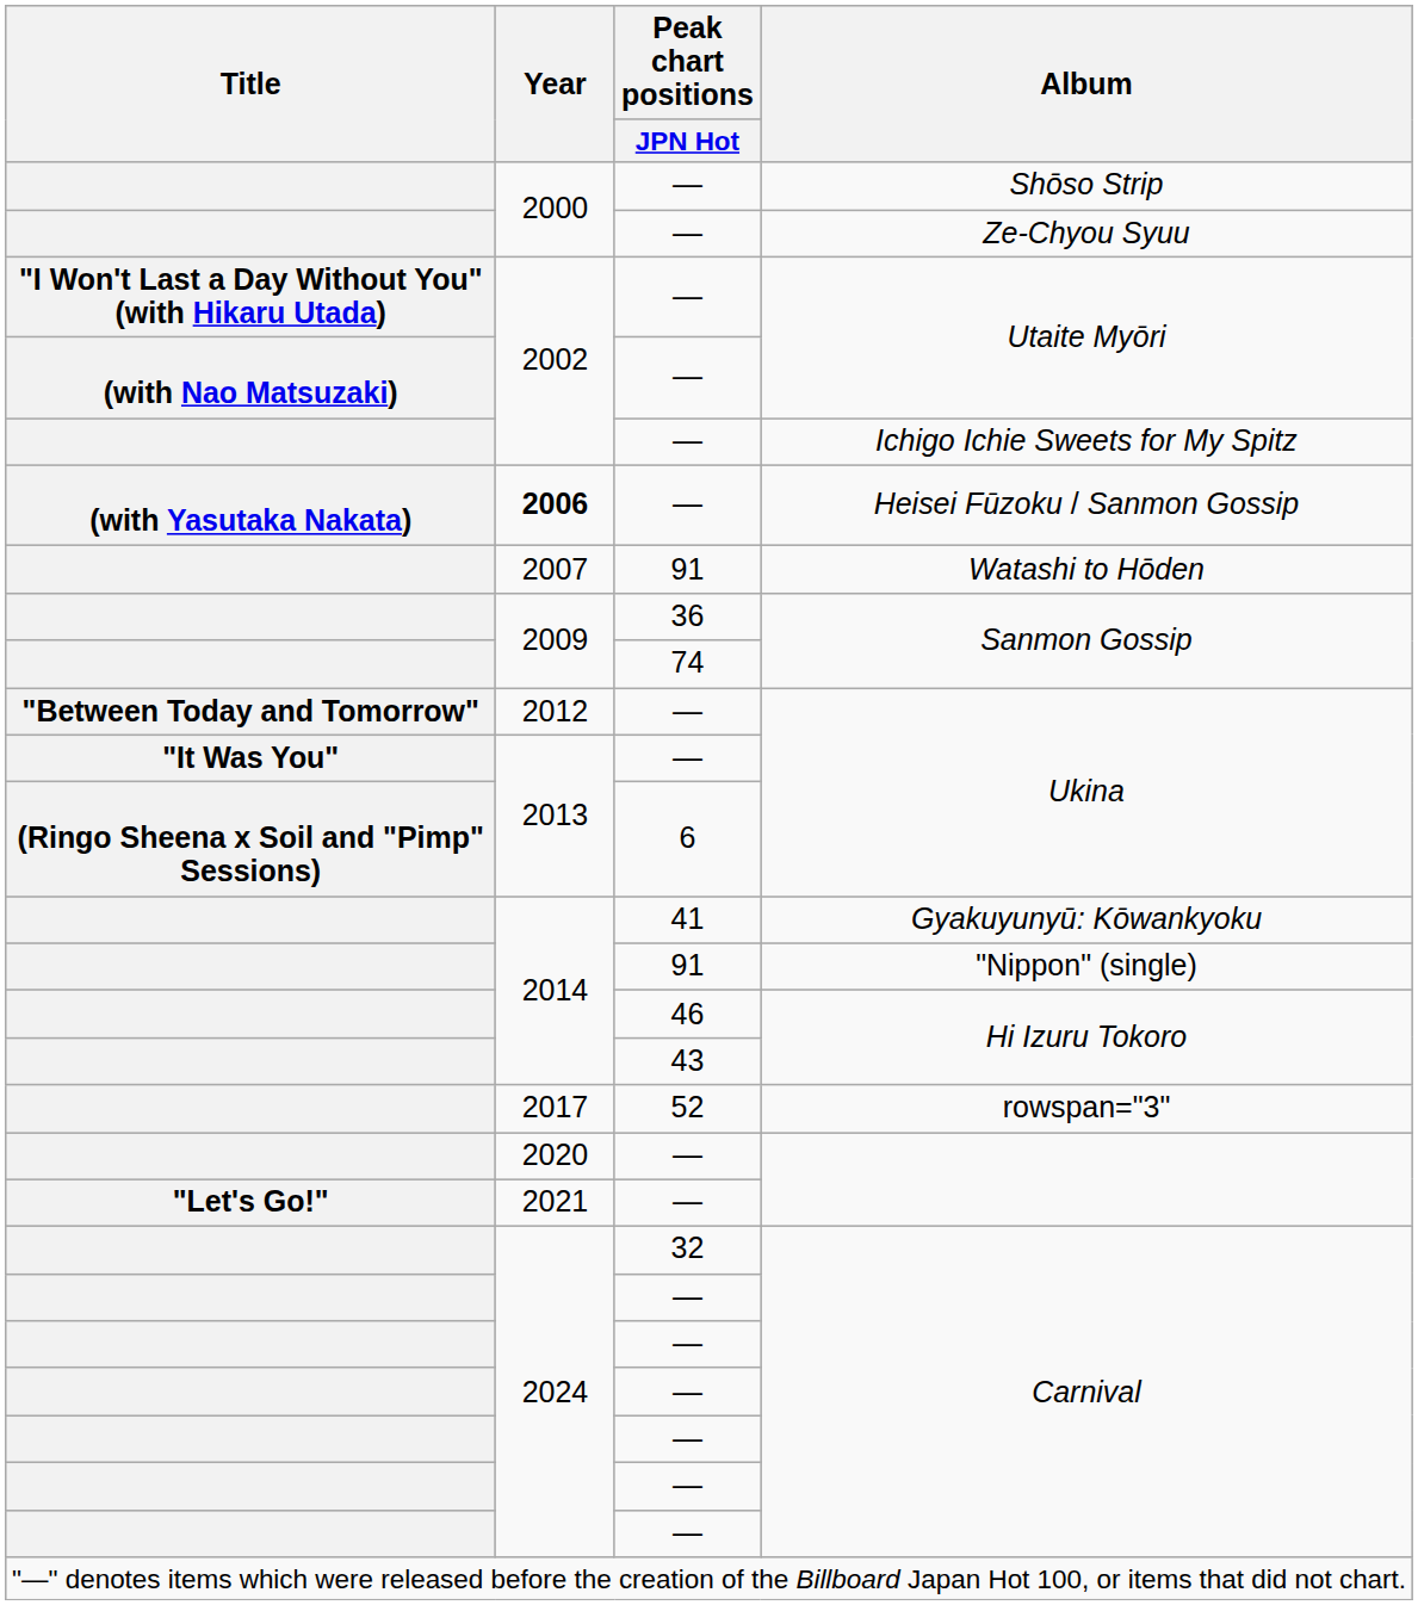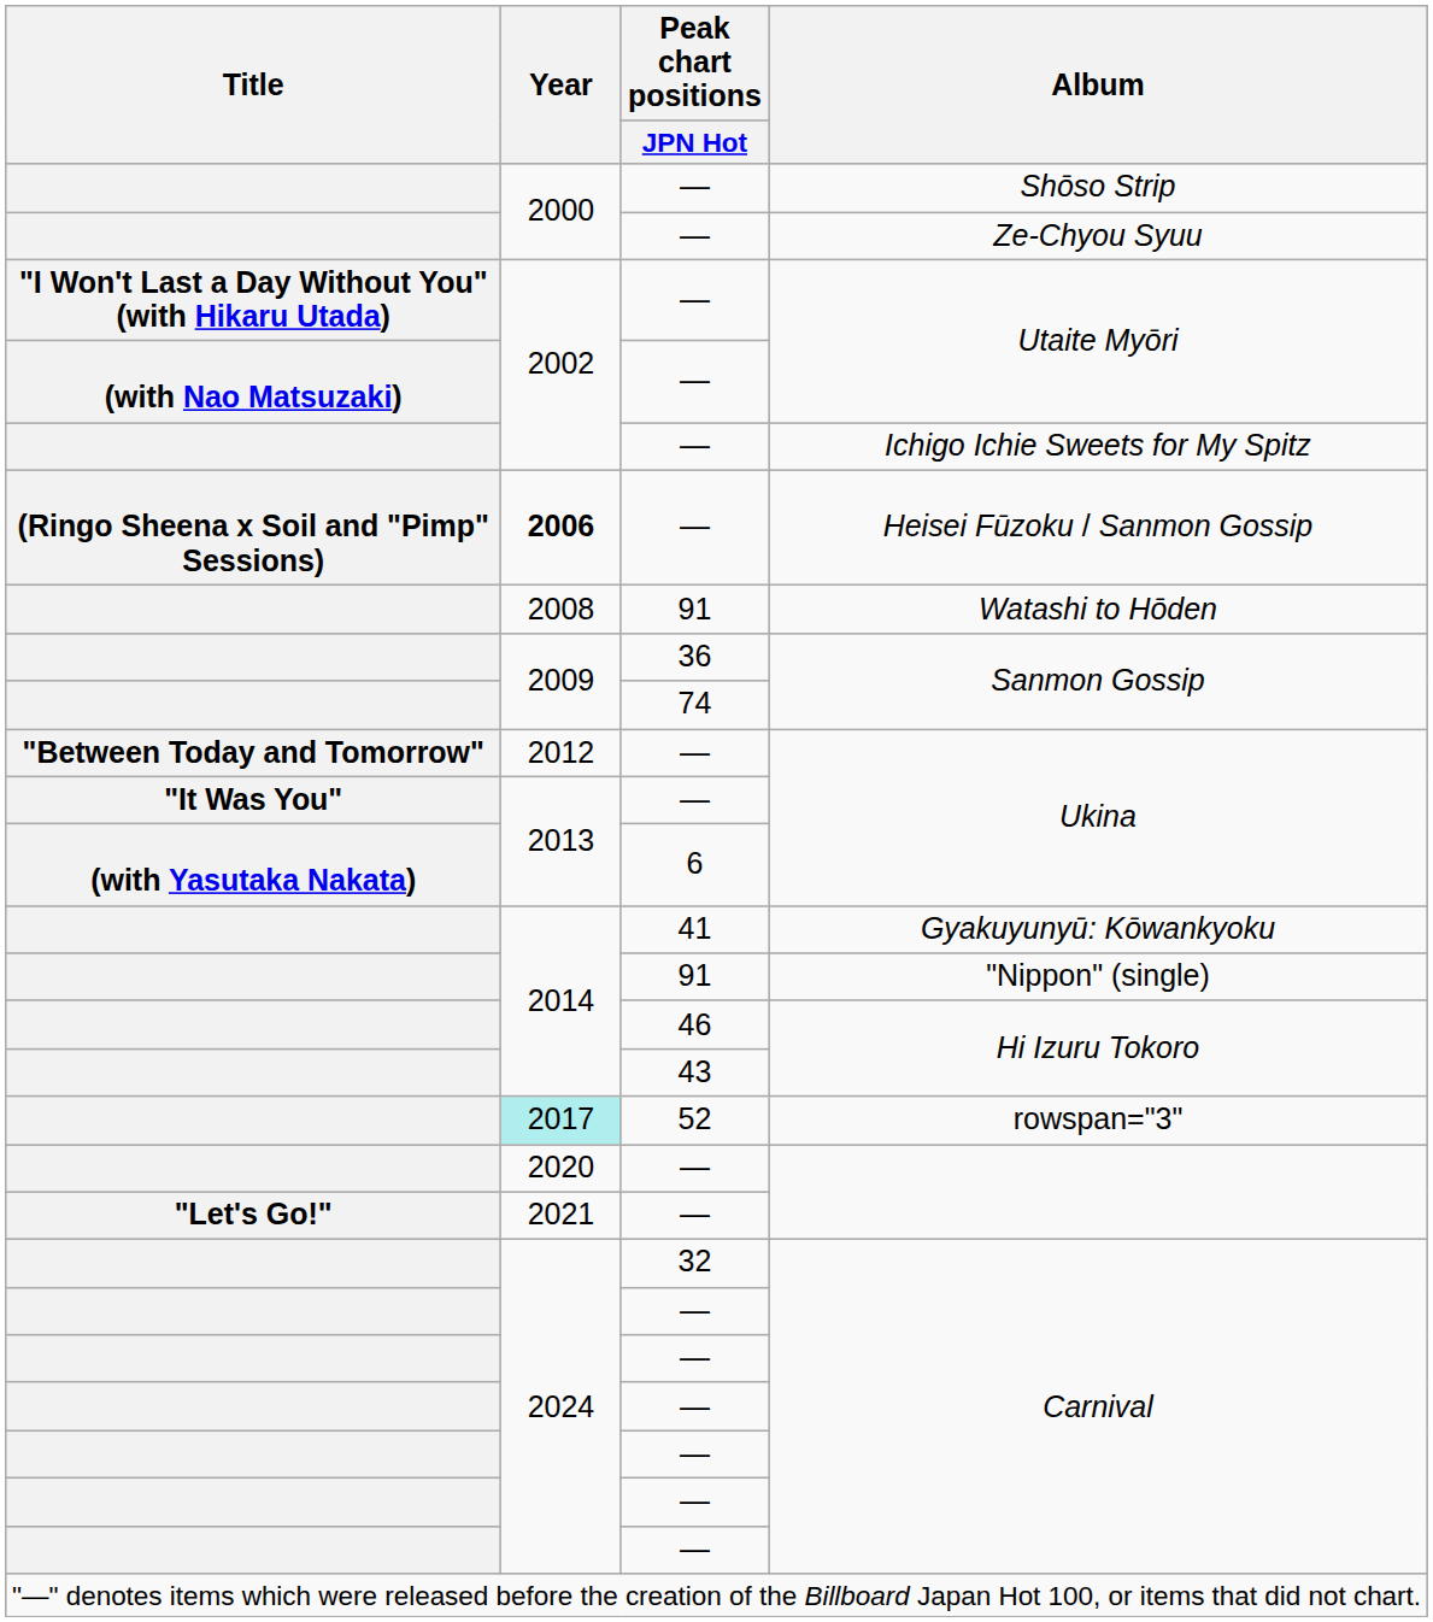 <table class="wikitable plainrowheaders" style="text-align:center;">
 <tr>
 <th scope="col" rowspan="2" style="width:16em;">Title</th>
 <th scope="col" rowspan="2">Year</th>
 <th scope="col" colspan="1">Peak chart positions</th>
 <th scope="col" rowspan="2">Album</th>
 </tr>
 <tr>
 <th scope="col" style="width:3em;font-size:90%;"><a href='#'>JPN Hot</a><br></th>
 </tr>
 <tr>
 <th scope="row"></th>
 <td rowspan="2">2000</td>
 <td>—</td>
 <td><em>Shōso Strip</em></td>
 </tr>
 <tr>
 <th scope="row"></th>
 <td>—</td>
 <td><em>Ze-Chyou Syuu</em></td>
 </tr>
 <tr>
 <th scope="row">"I Won't Last a Day Without You"<br><span>(with <a href='#'>Hikaru Utada</a>)</span></th>
 <td rowspan="3">2002</td>
 <td>—</td>
 <td rowspan=2><em>Utaite Myōri</em></td>
 </tr>
 <tr>
 <th scope="row"><br><span>(with <a href='#'>Nao Matsuzaki</a>)</span></th>
 <td>—</td>
 </tr>
 <tr>
 <th scope="row"></th>
 <td>—</td>
 <td><em>Ichigo Ichie Sweets for My Spitz</em></td>
 </tr>
 <tr>
-<th scope="row"><br><span>(with <a href='#'>Yasutaka Nakata</a>)</span></th>
+<th scope="row"><br><span>(Ringo Sheena x Soil and "Pimp" Sessions)</span></th>
 <td><strong>2006</strong></td>
 <td>—</td>
 <td><em>Heisei Fūzoku</em> / <em>Sanmon Gossip</em></td>
 </tr>
 <tr>
 <th scope="row"></th>
-<td>2007</td>
+<td>2008</td>
 <td>91</td>
 <td><em>Watashi to Hōden</em></td>
 </tr>
 <tr>
 <th scope="row"></th>
 <td rowspan="2">2009</td>
 <td>36</td>
 <td rowspan=2><em>Sanmon Gossip</em></td>
 </tr>
 <tr>
 <th scope="row"></th>
 <td>74</td>
 </tr>
 <tr>
 <th scope="row">"Between Today and Tomorrow"</th>
 <td>2012</td>
 <td>—</td>
 <td rowspan=3><em>Ukina</em></td>
 </tr>
 <tr>
 <th scope="row">"It Was You"</th>
 <td rowspan="2">2013</td>
 <td>—</td>
 </tr>
 <tr>
-<th scope="row"><br><span>(Ringo Sheena x Soil and "Pimp" Sessions)</span></th>
+<th scope="row"><br><span>(with <a href='#'>Yasutaka Nakata</a>)</span></th>
 <td>6</td>
 </tr>
 <tr>
 <th scope="row"></th>
 <td rowspan="4">2014</td>
 <td>41</td>
 <td><em>Gyakuyunyū: Kōwankyoku</em></td>
 </tr>
 <tr>
 <th scope="row"></th>
 <td>91</td>
 <td>"Nippon" <span>(single)</span></td>
 </tr>
 <tr>
 <th scope="row"></th>
 <td>46</td>
 <td rowspan=2><em>Hi Izuru Tokoro</em></td>
 </tr>
 <tr>
 <th scope="row"></th>
 <td>43</td>
 </tr>
 <tr>
 <th scope="row"><br></th>
-<td>2017</td>
+<td style="background: paleturquoise;">2017</td>
 <td>52</td>
 <td>rowspan="3" </td>
 </tr>
 <tr>
 <th scope="row"></th>
 <td>2020</td>
 <td>—</td>
 </tr>
 <tr>
 <th scope="row">"Let's Go!"</th>
 <td>2021</td>
 <td>—</td>
 </tr>
 <tr>
 <th scope="row"><br></th>
 <td rowspan="7">2024</td>
 <td>32</td>
 <td rowspan="7"><em>Carnival</em></td>
 </tr>
 <tr>
 <th scope="row"><br></th>
 <td>—</td>
 </tr>
 <tr>
 <th scope="row"><br></th>
 <td>—</td>
 </tr>
 <tr>
 <th scope="row"><br></th>
 <td>—</td>
 </tr>
 <tr>
 <th scope="row"><br></th>
 <td>—</td>
 </tr>
 <tr>
 <th scope="row"><br></th>
 <td>—</td>
 </tr>
 <tr>
 <th scope="row"><br></th>
 <td>—</td>
 </tr>
 <tr>
 <td colspan="12" align="center" style="font-size:90%;">"—" denotes items which were released before the creation of the <em>Billboard</em> Japan Hot 100, or items that did not chart.</td>
 </tr>
 </table>
